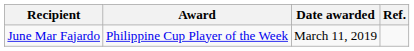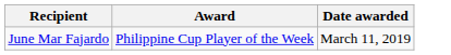 <table class="wikitable sortable sortable" style="text-align: center">
 <tr>
 <th>Recipient</th>
 <th>Award</th>
 <th>Date awarded</th>
-<th>Ref.</th>
 </tr>
 <tr>
 <td><a href='#'>June Mar Fajardo</a></td>
 <td><a href='#'>Philippine Cup Player of the Week</a></td>
 <td>March 11, 2019</td>
-<td></td>
 </tr>
 </table>
